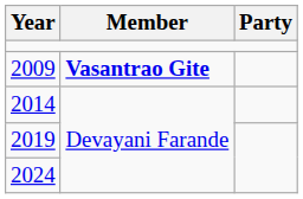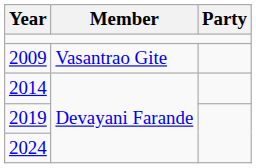 <table class=wikitable>
 <tr>
 <th>Year</th>
 <th>Member</th>
 <th colspan="2">Party</th>
 </tr>
 <tr>
 <td colspan="4"></td>
 </tr>
 <tr>
 <td><a href='#'>2009</a></td>
-<td><strong><a href='#'>Vasantrao Gite</a></strong></td>
+<td><a href='#'>Vasantrao Gite</a></td>
 <td></td>
 </tr>
 <tr>
 <td><a href='#'>2014</a></td>
 <td rowspan="3"><a href='#'>Devayani Farande</a></td>
 <td></td>
 </tr>
 <tr>
 <td><a href='#'>2019</a></td>
 </tr>
 <tr>
 <td><a href='#'>2024</a></td>
 </tr>
 </table>
